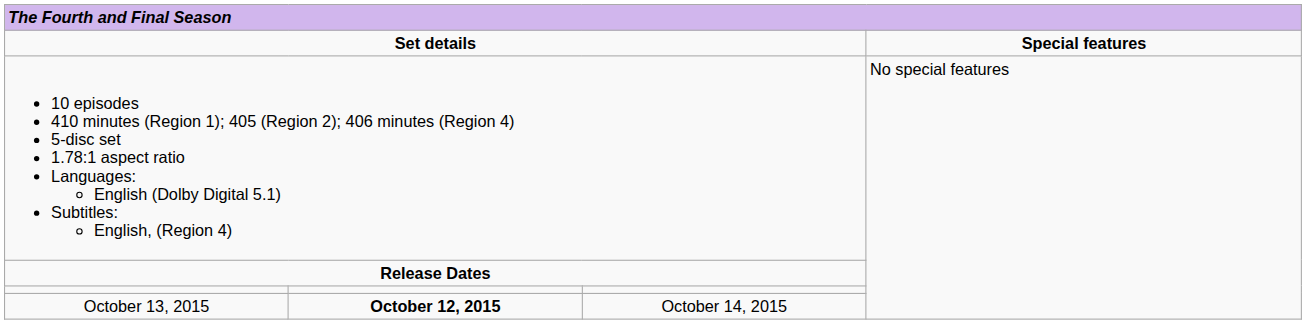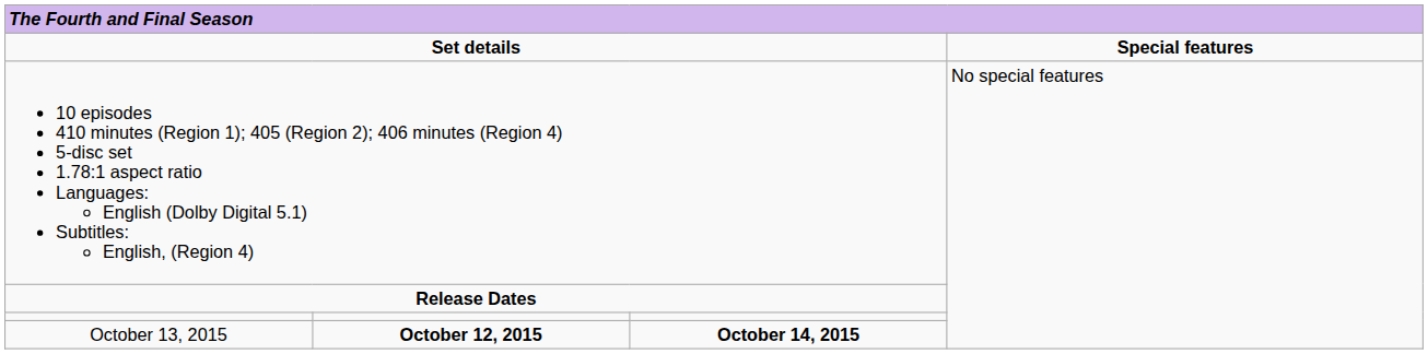 <table class="wikitable" width="96%" style="font-size: 95%;">
 <tr style="background:#D1B6ED;">
 <td colspan="6"><strong><em>The Fourth and Final Season</em></strong></td>
 </tr>
 <tr>
 <td align="center" width="300" colspan="3"><strong>Set details</strong></td>
 <td width="400" align="center"><strong>Special features</strong></td>
 </tr>
 <tr valign="top">
 <td colspan="3" align="left" width="300"><br><ul><li>10 episodes</li><li>410 minutes (Region 1); 405 (Region 2); 406 minutes (Region 4)</li><li>5-disc set</li><li>1.78:1 aspect ratio</li><li>Languages:<ul><li>English (Dolby Digital 5.1)</li></ul></li><li>Subtitles:<ul><li>English, (Region 4)</li></ul></li></ul></td>
 <td rowspan="4" align="left" width="400">No special features</td>
 </tr>
 <tr>
 <td colspan="3" align="center"><strong>Release Dates</strong></td>
 </tr>
 <tr>
 <td align="center"></td>
 <td align="center"></td>
 <td align="center"></td>
 </tr>
 <tr>
 <td align="center">October 13, 2015</td>
 <td align="center"><strong>October 12, 2015</strong></td>
-<td align="center">October 14, 2015</td>
+<td align="center"><strong>October 14, 2015</strong></td>
 </tr>
 </table>
